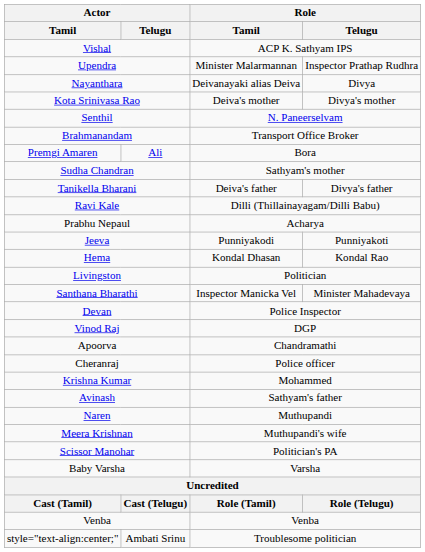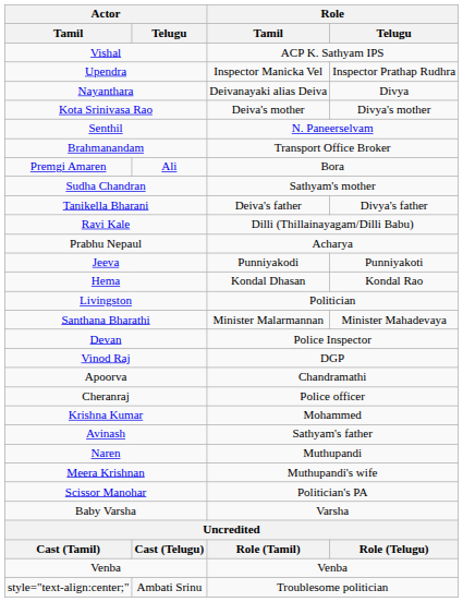 <table class="wikitable">
 <tr>
 <th colspan="2">Actor</th>
 <th colspan="2">Role</th>
 </tr>
 <tr>
 <th>Tamil</th>
 <th>Telugu</th>
 <th>Tamil</th>
 <th>Telugu</th>
 </tr>
 <tr>
 <td colspan="2" style="text-align:center;"><a href='#'>Vishal</a></td>
 <td colspan="2" style="text-align:center;">ACP K. Sathyam IPS</td>
 </tr>
 <tr>
 <td colspan="2" style="text-align:center;"><a href='#'>Upendra</a></td>
-<td style="text-align:center;">Minister Malarmannan</td>
+<td style="text-align:center;">Inspector Manicka Vel</td>
 <td style="text-align:center;">Inspector Prathap Rudhra</td>
 </tr>
 <tr>
 <td colspan="2" style="text-align:center;"><a href='#'>Nayanthara</a></td>
 <td style="text-align:center;">Deivanayaki alias Deiva</td>
 <td style="text-align:center;">Divya</td>
 </tr>
 <tr>
 <td colspan="2" style="text-align:center;"><a href='#'>Kota Srinivasa Rao</a></td>
 <td style="text-align:center;">Deiva's mother</td>
 <td style="text-align:center;">Divya's mother</td>
 </tr>
 <tr>
 <td colspan="2" style="text-align:center;"><a href='#'>Senthil</a></td>
 <td colspan="2" style="text-align:center;"><a href='#'>N. Paneerselvam</a></td>
 </tr>
 <tr>
 <td colspan="2" style="text-align:center;"><a href='#'>Brahmanandam</a></td>
 <td colspan="2" style="text-align:center;">Transport Office Broker</td>
 </tr>
 <tr>
 <td style="text-align:center;"><a href='#'>Premgi Amaren</a></td>
 <td style="text-align:center;"><a href='#'>Ali</a></td>
 <td colspan="2" style="text-align:center;">Bora</td>
 </tr>
 <tr>
 <td colspan="2" style="text-align:center;"><a href='#'>Sudha Chandran</a></td>
 <td colspan="2" style="text-align:center;">Sathyam's mother</td>
 </tr>
 <tr>
 <td colspan="2" style="text-align:center;"><a href='#'>Tanikella Bharani</a></td>
 <td style="text-align:center;">Deiva's father</td>
 <td style="text-align:center;">Divya's father</td>
 </tr>
 <tr>
 <td colspan="2" style="text-align:center;"><a href='#'>Ravi Kale</a></td>
 <td colspan="2" style="text-align:center;">Dilli (Thillainayagam/Dilli Babu)</td>
 </tr>
 <tr>
 <td colspan="2" style="text-align:center;">Prabhu Nepaul</td>
 <td colspan="2" style="text-align:center;">Acharya</td>
 </tr>
 <tr>
 <td colspan="2" style="text-align:center;"><a href='#'>Jeeva</a></td>
 <td style="text-align:center;">Punniyakodi</td>
 <td style="text-align:center;">Punniyakoti</td>
 </tr>
 <tr>
 <td colspan="2" style="text-align:center;"><a href='#'>Hema</a></td>
 <td style="text-align:center;">Kondal Dhasan</td>
 <td style="text-align:center;">Kondal Rao</td>
 </tr>
 <tr>
 <td colspan="2" style="text-align:center;"><a href='#'>Livingston</a></td>
 <td colspan="2" style="text-align:center;">Politician</td>
 </tr>
 <tr>
 <td colspan="2" style="text-align:center;"><a href='#'>Santhana Bharathi</a></td>
-<td style="text-align:center;">Inspector Manicka Vel</td>
+<td style="text-align:center;">Minister Malarmannan</td>
 <td style="text-align:center;">Minister Mahadevaya</td>
 </tr>
 <tr>
 <td colspan="2" style="text-align:center;"><a href='#'>Devan</a></td>
 <td colspan="2" style="text-align:center;">Police Inspector</td>
 </tr>
 <tr>
 <td colspan="2" style="text-align:center;"><a href='#'>Vinod Raj</a></td>
 <td colspan="2" style="text-align:center;">DGP</td>
 </tr>
 <tr>
 <td colspan="2" style="text-align:center;">Apoorva</td>
 <td colspan="2" style="text-align:center;">Chandramathi</td>
 </tr>
 <tr>
 <td colspan="2" style="text-align:center;">Cheranraj</td>
 <td colspan="2" style="text-align:center;">Police officer</td>
 </tr>
 <tr>
 <td colspan="2" style="text-align:center;"><a href='#'>Krishna Kumar</a></td>
 <td colspan="2" style="text-align:center;">Mohammed</td>
 </tr>
 <tr>
 <td colspan="2" style="text-align:center;"><a href='#'>Avinash</a></td>
 <td colspan="2" style="text-align:center;">Sathyam's father</td>
 </tr>
 <tr>
 <td colspan="2" style="text-align:center;"><a href='#'>Naren</a></td>
 <td colspan="2" style="text-align:center;">Muthupandi</td>
 </tr>
 <tr>
 <td colspan="2" style="text-align:center;"><a href='#'>Meera Krishnan</a></td>
 <td colspan="2" style="text-align:center;">Muthupandi's wife</td>
 </tr>
 <tr>
 <td colspan="2" style="text-align:center;"><a href='#'>Scissor Manohar</a></td>
 <td colspan="2" style="text-align:center;">Politician's PA</td>
 </tr>
 <tr>
 <td colspan="2" style="text-align:center;">Baby Varsha</td>
 <td colspan="2" style="text-align:center;">Varsha</td>
 </tr>
 <tr>
 <th colspan="4">Uncredited</th>
 </tr>
 <tr>
 <th>Cast (Tamil)</th>
 <th>Cast (Telugu)</th>
 <th>Role (Tamil)</th>
 <th>Role (Telugu)</th>
 </tr>
 <tr>
 <td colspan="2" style="text-align:center;">Venba</td>
 <td colspan="2" style="text-align:center;">Venba</td>
 </tr>
 <tr>
 <td>style="text-align:center;" </td>
 <td style="text-align:center;">Ambati Srinu</td>
 <td colspan="2" style="text-align:center;">Troublesome politician</td>
 </tr>
 </table>
